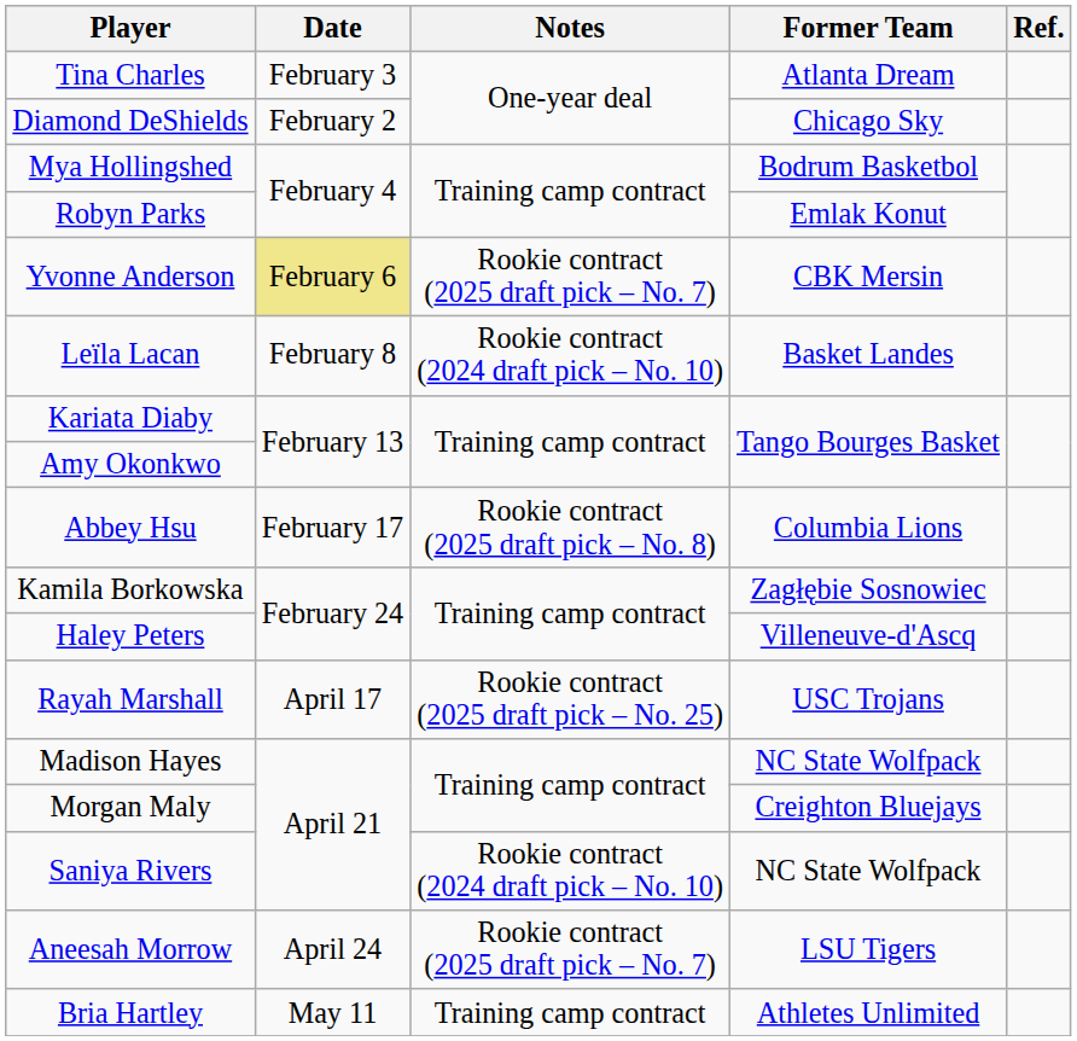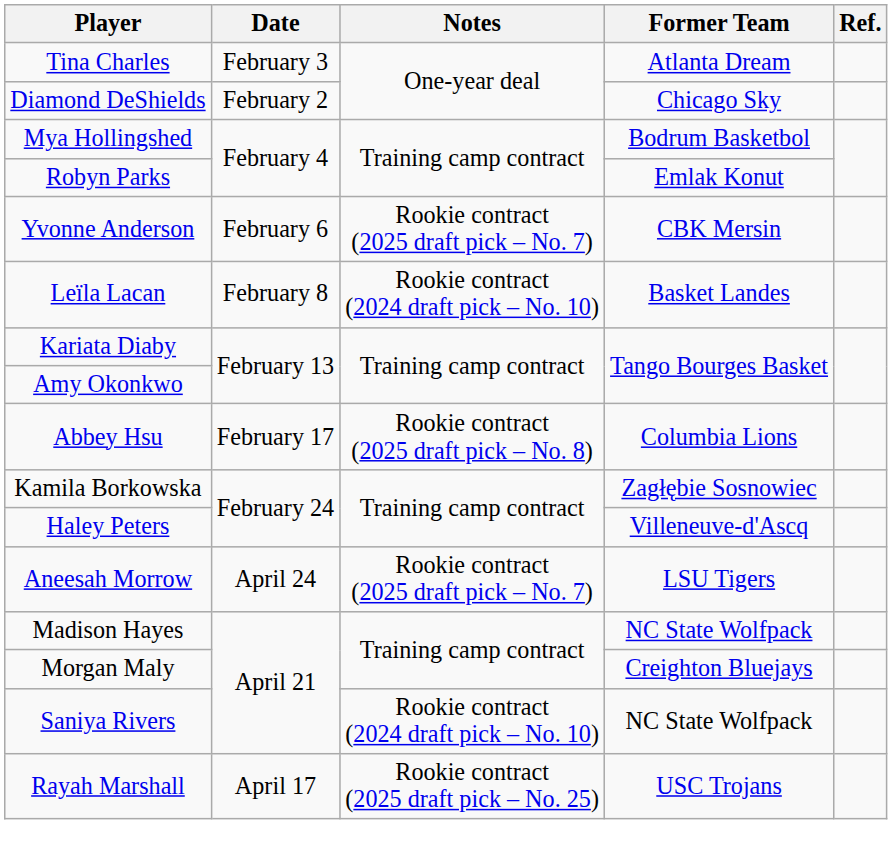 <table class="wikitable sortable sortable" style="text-align: center">
 <tr>
 <th>Player</th>
 <th>Date</th>
 <th>Notes</th>
 <th>Former Team</th>
 <th>Ref.</th>
 </tr>
 <tr>
 <td><a href='#'>Tina Charles</a></td>
 <td>February 3</td>
 <td rowspan=2>One-year deal</td>
 <td><a href='#'>Atlanta Dream</a></td>
 <td></td>
 </tr>
 <tr>
 <td><a href='#'>Diamond DeShields</a></td>
 <td>February 2</td>
 <td><a href='#'>Chicago Sky</a></td>
 <td></td>
 </tr>
 <tr>
 <td><a href='#'>Mya Hollingshed</a></td>
 <td rowspan=2>February 4</td>
 <td rowspan=2>Training camp contract</td>
 <td><a href='#'>Bodrum Basketbol</a></td>
 <td rowspan=2></td>
 </tr>
 <tr>
 <td><a href='#'>Robyn Parks</a></td>
 <td><a href='#'>Emlak Konut</a></td>
 </tr>
 <tr>
 <td><a href='#'>Yvonne Anderson</a></td>
-<td style="background: khaki;">February 6</td>
+<td>February 6</td>
 <td>Rookie contract<br>(<a href='#'>2025 draft pick – No. 7</a>)</td>
 <td><a href='#'>CBK Mersin</a></td>
 <td></td>
 </tr>
 <tr>
 <td><a href='#'>Leïla Lacan</a></td>
 <td>February 8</td>
 <td>Rookie contract<br>(<a href='#'>2024 draft pick – No. 10</a>)</td>
 <td><a href='#'>Basket Landes</a></td>
 <td></td>
 </tr>
 <tr>
 <td><a href='#'>Kariata Diaby</a></td>
 <td rowspan=2>February 13</td>
 <td rowspan=2>Training camp contract</td>
 <td rowspan=2><a href='#'>Tango Bourges Basket</a></td>
 <td rowspan=2></td>
 </tr>
 <tr>
 <td><a href='#'>Amy Okonkwo</a></td>
 </tr>
 <tr>
 <td><a href='#'>Abbey Hsu</a></td>
 <td>February 17</td>
 <td>Rookie contract<br>(<a href='#'>2025 draft pick – No. 8</a>)</td>
 <td><a href='#'>Columbia Lions</a></td>
 <td></td>
 </tr>
 <tr>
 <td>Kamila Borkowska</td>
 <td rowspan=2>February 24</td>
 <td rowspan=2>Training camp contract</td>
 <td><a href='#'>Zagłębie Sosnowiec</a></td>
 <td></td>
 </tr>
 <tr>
 <td><a href='#'>Haley Peters</a></td>
 <td><a href='#'>Villeneuve-d'Ascq</a></td>
 <td></td>
 </tr>
 <tr>
-<td><a href='#'>Rayah Marshall</a></td>
-<td>April 17</td>
-<td>Rookie contract<br>(<a href='#'>2025 draft pick – No. 25</a>)</td>
-<td><a href='#'>USC Trojans</a></td>
+<td><a href='#'>Aneesah Morrow</a></td>
+<td>April 24</td>
+<td>Rookie contract<br>(<a href='#'>2025 draft pick – No. 7</a>)</td>
+<td><a href='#'>LSU Tigers</a></td>
 <td></td>
 </tr>
 <tr>
 <td>Madison Hayes</td>
 <td rowspan=3>April 21</td>
 <td rowspan=2>Training camp contract</td>
 <td><a href='#'>NC State Wolfpack</a></td>
 <td></td>
 </tr>
 <tr>
 <td>Morgan Maly</td>
 <td><a href='#'>Creighton Bluejays</a></td>
 <td></td>
 </tr>
 <tr>
 <td><a href='#'>Saniya Rivers</a></td>
 <td>Rookie contract<br>(<a href='#'>2024 draft pick – No. 10</a>)</td>
 <td>NC State Wolfpack</td>
 <td></td>
 </tr>
 <tr>
-<td><a href='#'>Aneesah Morrow</a></td>
-<td>April 24</td>
-<td>Rookie contract<br>(<a href='#'>2025 draft pick – No. 7</a>)</td>
-<td><a href='#'>LSU Tigers</a></td>
-<td></td>
-</tr>
-<tr>
-<td><a href='#'>Bria Hartley</a></td>
-<td>May 11</td>
-<td>Training camp contract</td>
-<td><a href='#'>Athletes Unlimited</a></td>
+<td><a href='#'>Rayah Marshall</a></td>
+<td>April 17</td>
+<td>Rookie contract<br>(<a href='#'>2025 draft pick – No. 25</a>)</td>
+<td><a href='#'>USC Trojans</a></td>
 <td></td>
 </tr>
 </table>
